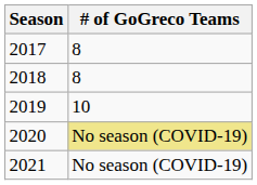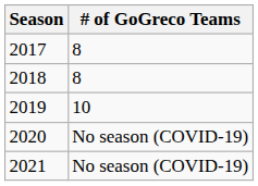 <table class="wikitable">
 <tr>
 <th>Season</th>
 <th># of GoGreco Teams</th>
 </tr>
 <tr>
 <td>2017</td>
 <td>8</td>
 </tr>
 <tr>
 <td>2018</td>
 <td>8</td>
 </tr>
 <tr>
 <td>2019</td>
 <td>10</td>
 </tr>
 <tr>
 <td>2020</td>
-<td style="background: khaki;">No season (COVID-19)</td>
+<td>No season (COVID-19)</td>
 </tr>
 <tr>
 <td>2021</td>
 <td>No season (COVID-19)</td>
 </tr>
 </table>
